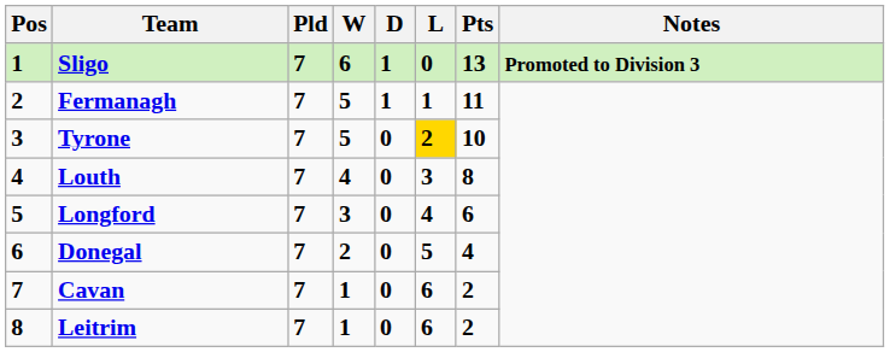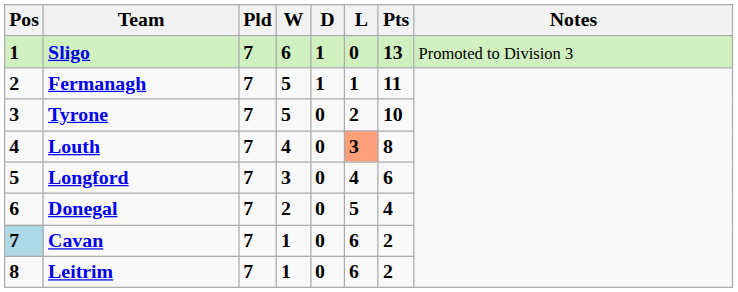 <table class="wikitable" style="text-align: centre;">
 <tr>
 <th width=20>Pos</th>
 <th width=150>Team</th>
 <th width=20>Pld</th>
 <th width=20>W</th>
 <th width=20>D</th>
 <th width=20>L</th>
 <th width=20>Pts</th>
 <th width=250>Notes</th>
 </tr>
 <tr style="background:#D0F0C0;">
 <td><strong>1</strong></td>
 <td align=left><strong> <a href='#'>Sligo</a> </strong></td>
 <td><strong>7</strong></td>
 <td><strong>6</strong></td>
 <td><strong>1</strong></td>
 <td><strong>0</strong></td>
 <td><strong>13</strong></td>
-<td><strong><small> Promoted to Division 3</small></strong></td>
+<td><small> Promoted to Division 3</small></td>
 </tr>
 <tr style>
 <td><strong>2</strong></td>
 <td align=left><strong> <a href='#'>Fermanagh</a> </strong></td>
 <td><strong>7</strong></td>
 <td><strong>5</strong></td>
 <td><strong>1</strong></td>
 <td><strong>1</strong></td>
 <td><strong>11</strong></td>
 </tr>
 <tr style>
 <td><strong>3</strong></td>
 <td align=left><strong> <a href='#'>Tyrone</a> </strong></td>
 <td><strong>7</strong></td>
 <td><strong>5</strong></td>
 <td><strong>0</strong></td>
-<td style="background: gold;"><strong>2</strong></td>
+<td><strong>2</strong></td>
 <td><strong>10</strong></td>
 </tr>
 <tr style>
 <td><strong>4</strong></td>
 <td align=left><strong> <a href='#'>Louth</a> </strong></td>
 <td><strong>7</strong></td>
 <td><strong>4</strong></td>
 <td><strong>0</strong></td>
-<td><strong>3</strong></td>
+<td style="background: lightsalmon;"><strong>3</strong></td>
 <td><strong>8</strong></td>
 </tr>
 <tr style>
 <td><strong>5</strong></td>
 <td align=left><strong> <a href='#'>Longford</a> </strong></td>
 <td><strong>7</strong></td>
 <td><strong>3</strong></td>
 <td><strong>0</strong></td>
 <td><strong>4</strong></td>
 <td><strong>6</strong></td>
 </tr>
 <tr style>
 <td><strong>6</strong></td>
 <td align=left><strong> <a href='#'>Donegal</a> </strong></td>
 <td><strong>7</strong></td>
 <td><strong>2</strong></td>
 <td><strong>0</strong></td>
 <td><strong>5</strong></td>
 <td><strong>4</strong></td>
 </tr>
 <tr style>
-<td><strong>7</strong></td>
+<td style="background: lightblue;"><strong>7</strong></td>
 <td align=left><strong> <a href='#'>Cavan</a> </strong></td>
 <td><strong>7</strong></td>
 <td><strong>1</strong></td>
 <td><strong>0</strong></td>
 <td><strong>6</strong></td>
 <td><strong>2</strong></td>
 </tr>
 <tr style>
 <td><strong>8</strong></td>
 <td align=left><strong> <a href='#'>Leitrim</a> </strong></td>
 <td><strong>7</strong></td>
 <td><strong>1</strong></td>
 <td><strong>0</strong></td>
 <td><strong>6</strong></td>
 <td><strong>2</strong></td>
 </tr>
 </table>
